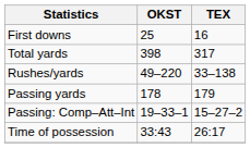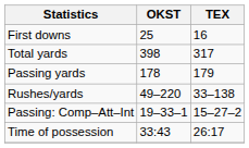 <table class="wikitable" style="float: left;">
 <tr>
 <th>Statistics</th>
 <th>OKST</th>
 <th>TEX</th>
 </tr>
 <tr>
 <td>First downs</td>
 <td>25</td>
 <td>16</td>
 </tr>
 <tr>
 <td>Total yards</td>
 <td>398</td>
 <td>317</td>
 </tr>
 <tr>
+<td>Passing yards</td>
+<td>178</td>
+<td>179</td>
+</tr>
+<tr>
 <td>Rushes/yards</td>
 <td>49–220</td>
 <td>33–138</td>
-</tr>
-<tr>
-<td>Passing yards</td>
-<td>178</td>
-<td>179</td>
 </tr>
 <tr>
 <td>Passing: Comp–Att–Int</td>
 <td>19–33–1</td>
 <td>15–27–2</td>
 </tr>
 <tr>
 <td>Time of possession</td>
 <td>33:43</td>
 <td>26:17</td>
 </tr>
 <tr>
 </tr>
 </table>
